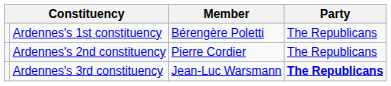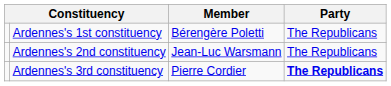 <table class="wikitable">
 <tr>
 <th colspan="2">Constituency</th>
 <th>Member</th>
 <th>Party</th>
 </tr>
 <tr>
 <td style="background-color: "></td>
 <td><a href='#'>Ardennes's 1st constituency</a></td>
 <td><a href='#'>Bérengère Poletti</a></td>
 <td><a href='#'>The Republicans</a></td>
 </tr>
 <tr>
 <td style="background-color: "></td>
 <td><a href='#'>Ardennes's 2nd constituency</a></td>
-<td><a href='#'>Pierre Cordier</a></td>
+<td><a href='#'>Jean-Luc Warsmann</a></td>
 <td><a href='#'>The Republicans</a></td>
 </tr>
 <tr>
 <td style="background-color: "></td>
 <td><a href='#'>Ardennes's 3rd constituency</a></td>
-<td><a href='#'>Jean-Luc Warsmann</a></td>
+<td><a href='#'>Pierre Cordier</a></td>
 <td><strong><a href='#'>The Republicans</a></strong></td>
 </tr>
 </table>
